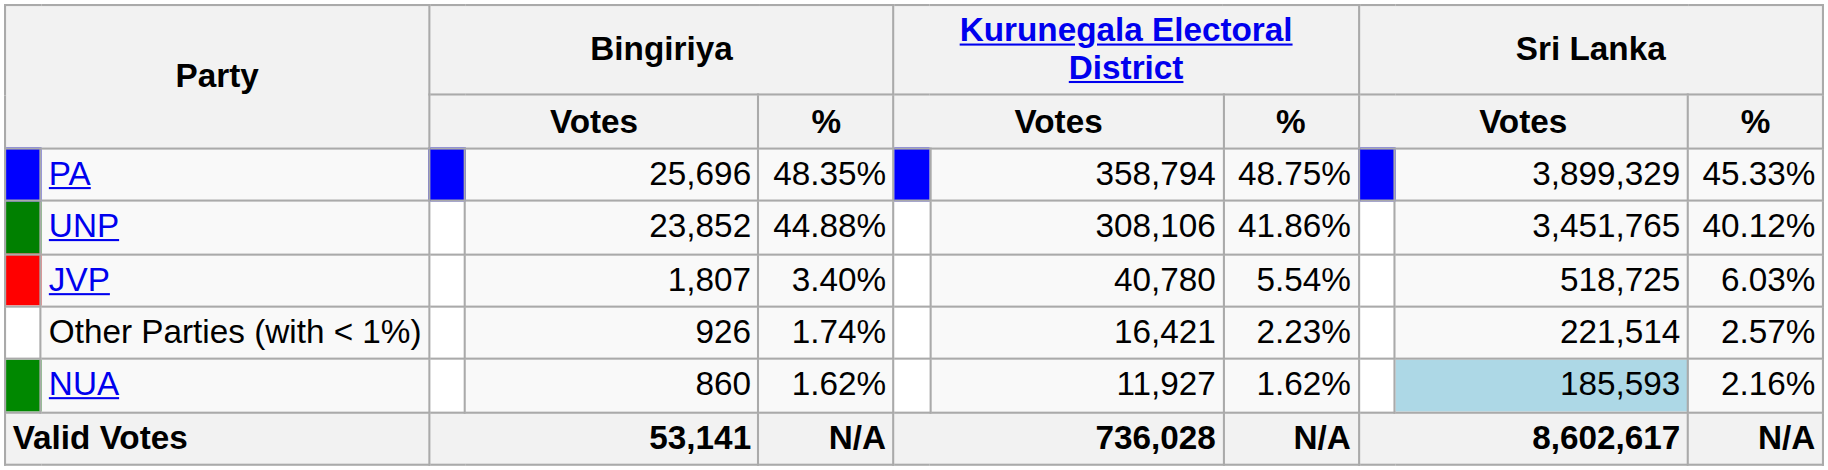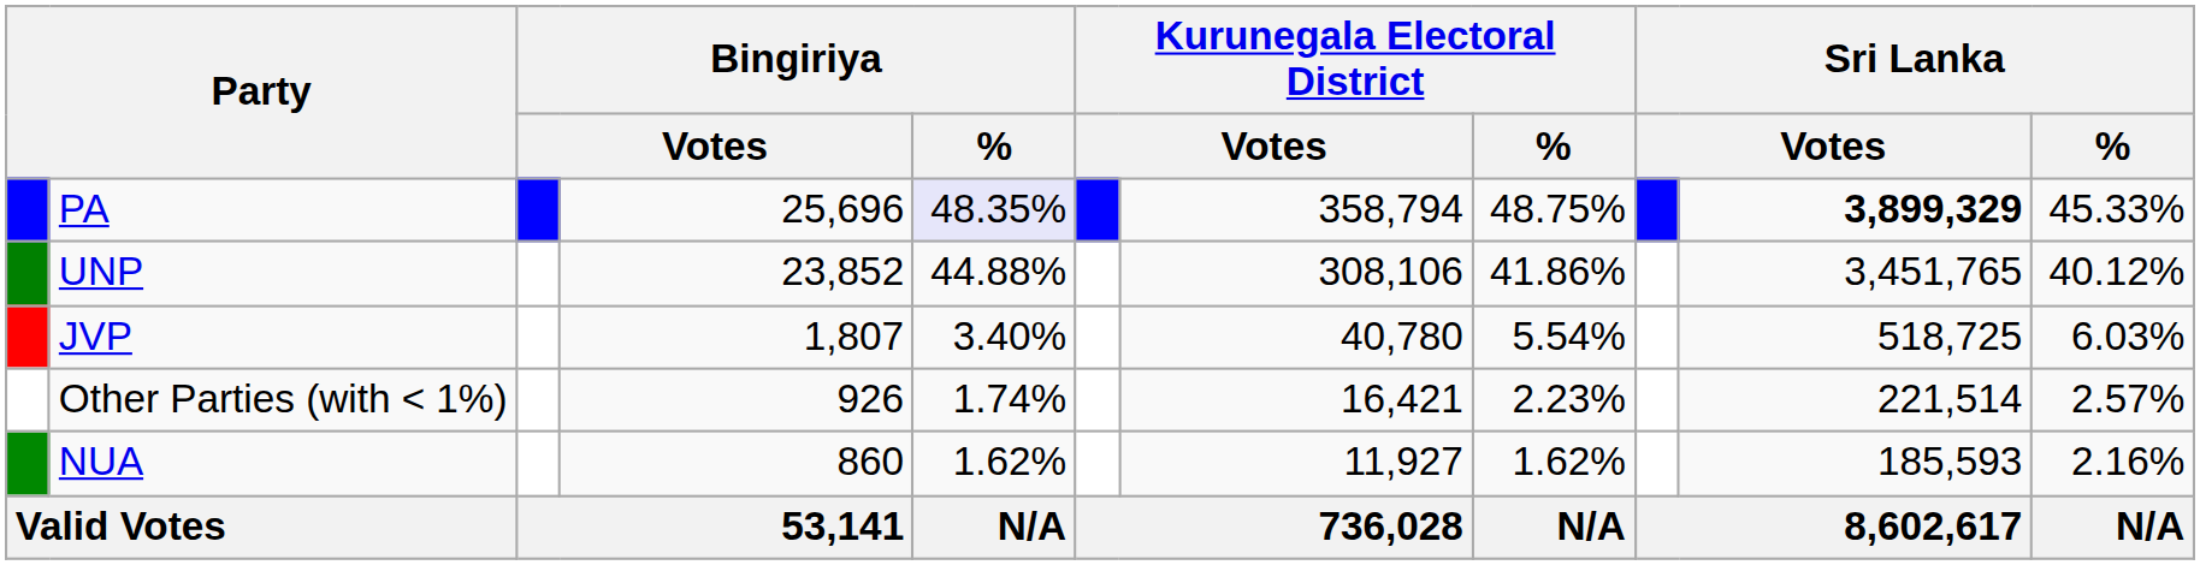 <table class="wikitable">
 <tr>
 <th colspan="2" width="144px"rowspan="2">Party</th>
 <th colspan="3" width="216px">Bingiriya</th>
 <th colspan="3" width="216px"><a href='#'>Kurunegala Electoral District</a></th>
 <th colspan="3" width="216px">Sri Lanka</th>
 </tr>
 <tr>
 <th colspan="2" width="144px">Votes</th>
 <th>%</th>
 <th colspan="2" width="144px">Votes</th>
 <th>%</th>
 <th colspan="2" width="144px">Votes</th>
 <th>%</th>
 </tr>
 <tr>
 <td style="background-color:blue;" width="10px"></td>
 <td style="text-align:left;"><a href='#'>PA</a></td>
 <td style="background-color:blue;" width="10px"></td>
 <td style="text-align:right;">25,696</td>
-<td style="text-align:right;">48.35%</td>
+<td style="background: lavender; text-align:right;">48.35%</td>
 <td style="background-color:blue;" width="10px"></td>
 <td style="text-align:right;">358,794</td>
 <td style="text-align:right;">48.75%</td>
 <td style="background-color:blue;" width="10px"></td>
-<td style="text-align:right;">3,899,329</td>
+<td style="text-align:right;"><strong>3,899,329</strong></td>
 <td style="text-align:right;">45.33%</td>
 </tr>
 <tr>
 <td style="background-color:green;" width="10px"></td>
 <td style="text-align:left;"><a href='#'>UNP</a></td>
 <td style="background-color:white;" width="10px"></td>
 <td style="text-align:right;">23,852</td>
 <td style="text-align:right;">44.88%</td>
 <td style="background-color:white;" width="10px"></td>
 <td style="text-align:right;">308,106</td>
 <td style="text-align:right;">41.86%</td>
 <td style="background-color:white;" width="10px"></td>
 <td style="text-align:right;">3,451,765</td>
 <td style="text-align:right;">40.12%</td>
 </tr>
 <tr>
 <td style="background-color:red;" width="10px"></td>
 <td style="text-align:left;"><a href='#'>JVP</a></td>
 <td style="background-color:white;" width="10px"></td>
 <td style="text-align:right;">1,807</td>
 <td style="text-align:right;">3.40%</td>
 <td style="background-color:white;" width="10px"></td>
 <td style="text-align:right;">40,780</td>
 <td style="text-align:right;">5.54%</td>
 <td style="background-color:white;" width="10px"></td>
 <td style="text-align:right;">518,725</td>
 <td style="text-align:right;">6.03%</td>
 </tr>
 <tr>
 <td style="background-color:white;" width="10px"></td>
 <td style="text-align:left;">Other Parties (with < 1%)</td>
 <td style="background-color:white;" width="10px"></td>
 <td style="text-align:right;">926</td>
 <td style="text-align:right;">1.74%</td>
 <td style="background-color:white;" width="10px"></td>
 <td style="text-align:right;">16,421</td>
 <td style="text-align:right;">2.23%</td>
 <td style="background-color:white;" width="10px"></td>
 <td style="text-align:right;">221,514</td>
 <td style="text-align:right;">2.57%</td>
 </tr>
 <tr>
 <td style="background-color:#008800;" width="10px"></td>
 <td style="text-align:left;"><a href='#'>NUA</a></td>
 <td style="background-color:white;" width="10px"></td>
 <td style="text-align:right;">860</td>
 <td style="text-align:right;">1.62%</td>
 <td style="background-color:white;" width="10px"></td>
 <td style="text-align:right;">11,927</td>
 <td style="text-align:right;">1.62%</td>
 <td style="background-color:white;" width="10px"></td>
-<td style="background: lightblue; text-align:right;">185,593</td>
+<td style="text-align:right;">185,593</td>
 <td style="text-align:right;">2.16%</td>
 </tr>
 <tr>
 <th colspan="2" width="144px"style="text-align:left;">Valid Votes</th>
 <th style="text-align:right;"colspan="2" width="144px">53,141</th>
 <th style="text-align:right;">N/A</th>
 <th style="text-align:right;"colspan="2" width="144px">736,028</th>
 <th style="text-align:right;">N/A</th>
 <th style="text-align:right;"colspan="2" width="144px">8,602,617</th>
 <th style="text-align:right;">N/A</th>
 </tr>
 </table>
